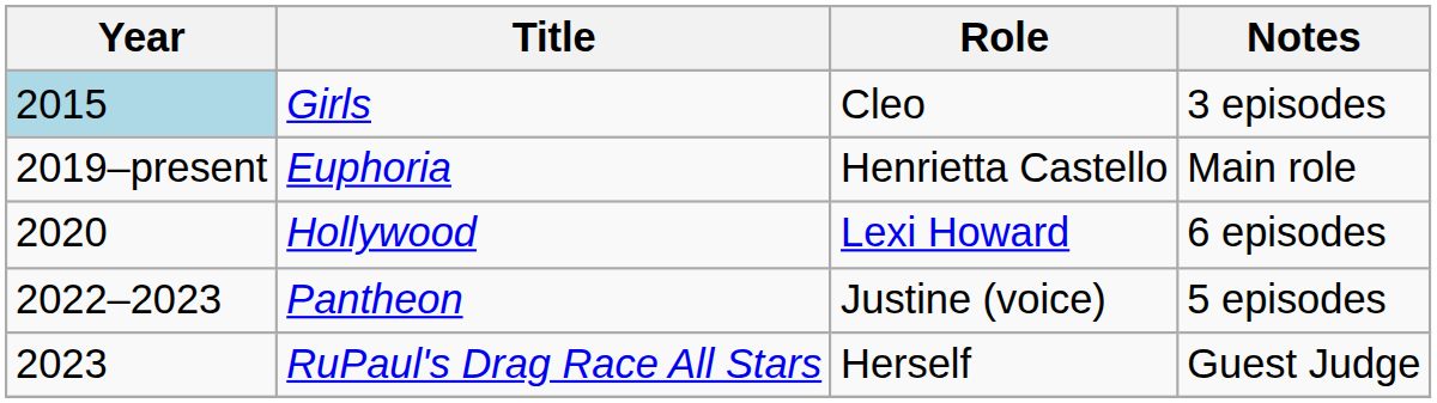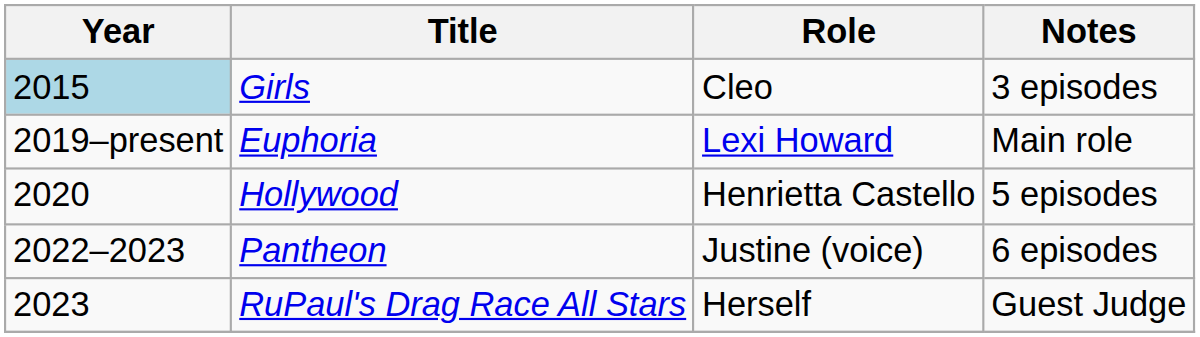 <table class="wikitable sortable">
 <tr>
 <th>Year</th>
 <th>Title</th>
 <th>Role</th>
 <th class="unsortable">Notes</th>
 </tr>
 <tr>
 <td style="background: lightblue;">2015</td>
 <td><em><a href='#'>Girls</a></em></td>
 <td>Cleo</td>
 <td>3 episodes</td>
 </tr>
 <tr>
 <td>2019–present</td>
 <td><em><a href='#'>Euphoria</a></em></td>
-<td>Henrietta Castello</td>
+<td><a href='#'>Lexi Howard</a></td>
 <td>Main role</td>
 </tr>
 <tr>
 <td>2020</td>
 <td><em><a href='#'>Hollywood</a></em></td>
-<td><a href='#'>Lexi Howard</a></td>
-<td>6 episodes</td>
+<td>Henrietta Castello</td>
+<td>5 episodes</td>
 </tr>
 <tr>
 <td>2022–2023</td>
 <td><em><a href='#'>Pantheon</a></em></td>
 <td>Justine (voice)</td>
-<td>5 episodes</td>
+<td>6 episodes</td>
 </tr>
 <tr>
 <td>2023</td>
 <td><em><a href='#'>RuPaul's Drag Race All Stars</a></em></td>
 <td>Herself</td>
 <td>Guest Judge</td>
 </tr>
 <tr>
 </tr>
 </table>
